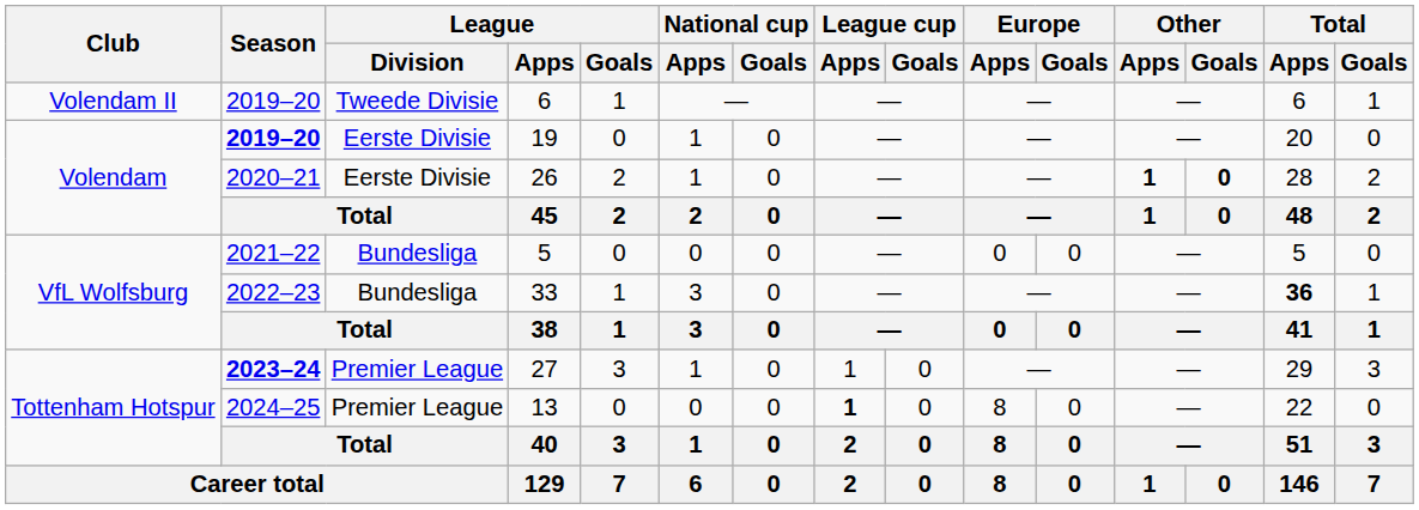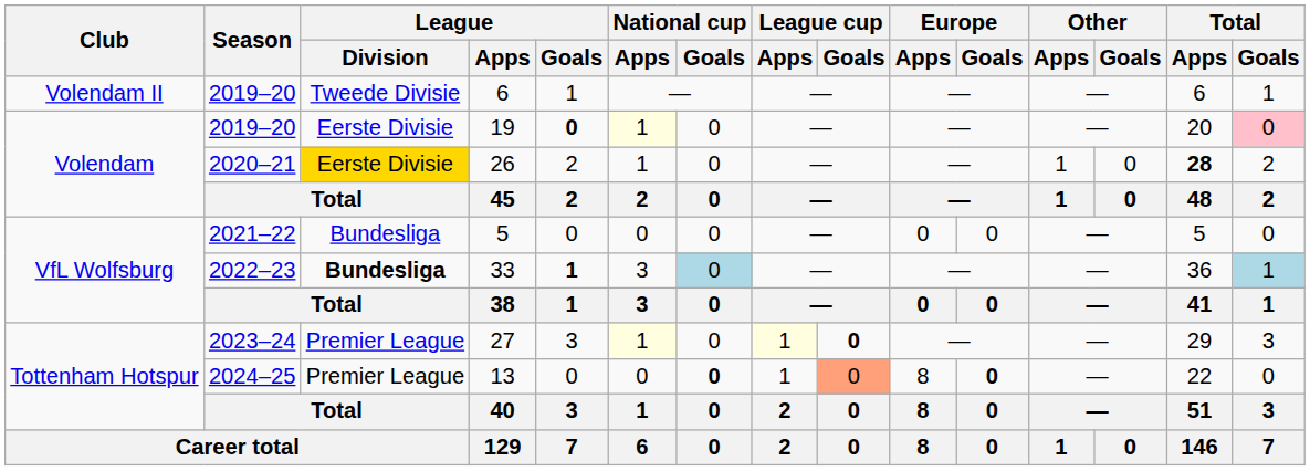 <table class="wikitable" style="text-align: center;">
 <tr>
 <th rowspan="2">Club</th>
 <th rowspan="2">Season</th>
 <th colspan="3">League</th>
 <th colspan="2">National cup</th>
 <th colspan="2">League cup</th>
 <th colspan="2">Europe</th>
 <th colspan="2">Other</th>
 <th colspan="2">Total</th>
 </tr>
 <tr>
 <th>Division</th>
 <th>Apps</th>
 <th>Goals</th>
 <th>Apps</th>
 <th>Goals</th>
 <th>Apps</th>
 <th>Goals</th>
 <th>Apps</th>
 <th>Goals</th>
 <th>Apps</th>
 <th>Goals</th>
 <th>Apps</th>
 <th>Goals</th>
 </tr>
 <tr>
 <td><a href='#'>Volendam II</a></td>
 <td><a href='#'>2019–20</a></td>
 <td><a href='#'>Tweede Divisie</a></td>
 <td>6</td>
 <td>1</td>
 <td colspan="2">—</td>
 <td colspan="2">—</td>
 <td colspan="2">—</td>
 <td colspan="2">—</td>
 <td>6</td>
 <td>1</td>
 </tr>
 <tr>
 <td rowspan="3"><a href='#'>Volendam</a></td>
-<td><strong><a href='#'>2019–20</a></strong></td>
+<td><a href='#'>2019–20</a></td>
 <td><a href='#'>Eerste Divisie</a></td>
 <td>19</td>
-<td>0</td>
-<td>1</td>
+<td><strong>0</strong></td>
+<td style="background: lightyellow;">1</td>
 <td>0</td>
 <td colspan="2">—</td>
 <td colspan="2">—</td>
 <td colspan="2">—</td>
 <td>20</td>
-<td>0</td>
+<td style="background: pink;">0</td>
 </tr>
 <tr>
 <td><a href='#'>2020–21</a></td>
-<td>Eerste Divisie</td>
+<td style="background: gold;">Eerste Divisie</td>
 <td>26</td>
 <td>2</td>
 <td>1</td>
 <td>0</td>
 <td colspan="2">—</td>
 <td colspan="2">—</td>
-<td><strong>1</strong></td>
-<td><strong>0</strong></td>
-<td>28</td>
+<td>1</td>
+<td>0</td>
+<td><strong>28</strong></td>
 <td>2</td>
 </tr>
 <tr>
 <th colspan="2">Total</th>
 <th>45</th>
 <th>2</th>
 <th>2</th>
 <th>0</th>
 <th colspan="2">—</th>
 <th colspan="2">—</th>
 <th>1</th>
 <th>0</th>
 <th>48</th>
 <th>2</th>
 </tr>
 <tr>
 <td rowspan="3"><a href='#'>VfL Wolfsburg</a></td>
 <td><a href='#'>2021–22</a></td>
 <td><a href='#'>Bundesliga</a></td>
 <td>5</td>
 <td>0</td>
 <td>0</td>
 <td>0</td>
 <td colspan="2">—</td>
 <td>0</td>
 <td>0</td>
 <td colspan="2">—</td>
 <td>5</td>
 <td>0</td>
 </tr>
 <tr>
 <td><a href='#'>2022–23</a></td>
-<td>Bundesliga</td>
+<td><strong>Bundesliga</strong></td>
 <td>33</td>
-<td>1</td>
+<td><strong>1</strong></td>
 <td>3</td>
-<td>0</td>
+<td style="background: lightblue;">0</td>
 <td colspan="2">—</td>
 <td colspan="2">—</td>
 <td colspan="2">—</td>
-<td><strong>36</strong></td>
-<td>1</td>
+<td>36</td>
+<td style="background: lightblue;">1</td>
 </tr>
 <tr>
 <th colspan="2">Total</th>
 <th>38</th>
 <th>1</th>
 <th>3</th>
 <th>0</th>
 <th colspan="2">—</th>
 <th>0</th>
 <th>0</th>
 <th colspan="2">—</th>
 <th>41</th>
 <th>1</th>
 </tr>
 <tr>
 <td rowspan="3"><a href='#'>Tottenham Hotspur</a></td>
-<td><strong><a href='#'>2023–24</a></strong></td>
+<td><a href='#'>2023–24</a></td>
 <td><a href='#'>Premier League</a></td>
 <td>27</td>
 <td>3</td>
-<td>1</td>
+<td style="background: lightyellow;">1</td>
 <td>0</td>
-<td>1</td>
-<td>0</td>
+<td style="background: lightyellow;">1</td>
+<td><strong>0</strong></td>
 <td colspan="2">—</td>
 <td colspan="2">—</td>
 <td>29</td>
 <td>3</td>
 </tr>
 <tr>
 <td><a href='#'>2024–25</a></td>
 <td>Premier League</td>
 <td>13</td>
 <td>0</td>
 <td>0</td>
-<td>0</td>
-<td><strong>1</strong></td>
-<td>0</td>
+<td><strong>0</strong></td>
+<td>1</td>
+<td style="background: lightsalmon;">0</td>
 <td>8</td>
-<td>0</td>
+<td><strong>0</strong></td>
 <td colspan="2">—</td>
 <td>22</td>
 <td>0</td>
 </tr>
 <tr>
 <th colspan="2">Total</th>
 <th>40</th>
 <th>3</th>
 <th>1</th>
 <th>0</th>
 <th>2</th>
 <th>0</th>
 <th>8</th>
 <th>0</th>
 <th colspan="2">—</th>
 <th>51</th>
 <th>3</th>
 </tr>
 <tr>
 <th colspan="3">Career total</th>
 <th>129</th>
 <th>7</th>
 <th>6</th>
 <th>0</th>
 <th>2</th>
 <th>0</th>
 <th>8</th>
 <th>0</th>
 <th>1</th>
 <th>0</th>
 <th>146</th>
 <th>7</th>
 </tr>
 </table>
